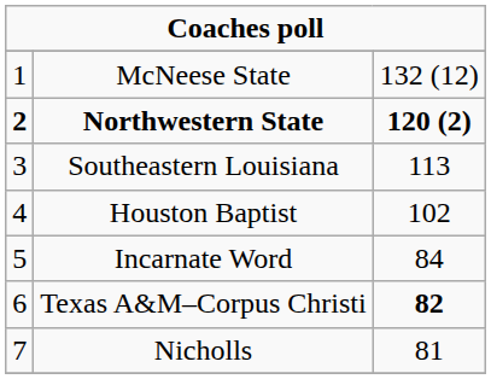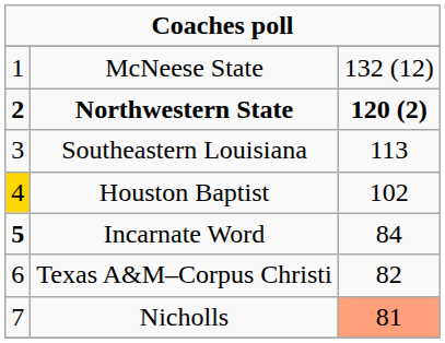 <table class="wikitable">
 <tr align="center">
 <td align="center" Colspan="3"><strong>Coaches poll</strong></td>
 </tr>
 <tr align="center">
 </tr>
 <tr align="center">
 <td>1</td>
 <td>McNeese State</td>
 <td>132 (12)</td>
 </tr>
 <tr align="center">
 <td><strong>2</strong></td>
 <td><strong>Northwestern State</strong></td>
 <td><strong>120 (2)</strong></td>
 </tr>
 <tr align="center">
 <td>3</td>
 <td>Southeastern Louisiana</td>
 <td>113</td>
 </tr>
 <tr align="center">
-<td>4</td>
+<td style="background: gold;">4</td>
 <td>Houston Baptist</td>
 <td>102</td>
 </tr>
 <tr align="center">
-<td>5</td>
+<td><strong>5</strong></td>
 <td>Incarnate Word</td>
 <td>84</td>
 </tr>
 <tr align="center">
 <td>6</td>
 <td>Texas A&M–Corpus Christi</td>
-<td><strong>82</strong></td>
+<td>82</td>
 </tr>
 <tr align="center">
 <td>7</td>
 <td>Nicholls</td>
-<td>81</td>
+<td style="background: lightsalmon;">81</td>
 </tr>
 <tr align="center">
 </tr>
 </table>
